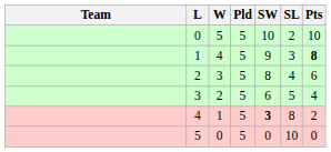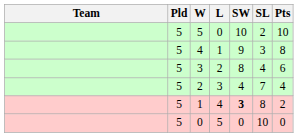 <table class=wikitable style="text-align:center">
 <tr>
 <th width=220>Team</th>
+<th width=20>Pld</th>
+<th width=20>W</th>
 <th width=20>L</th>
-<th width=20>W</th>
-<th width=20>Pld</th>
 <th width=20>SW</th>
 <th width=20>SL</th>
 <th width=20>Pts</th>
 </tr>
 <tr bgcolor=ccffcc>
 <td align=left></td>
-<td>0</td>
 <td>5</td>
 <td>5</td>
+<td>0</td>
 <td>10</td>
 <td>2</td>
 <td>10</td>
 </tr>
 <tr bgcolor=ccffcc>
 <td align=left></td>
+<td>5</td>
+<td>4</td>
 <td>1</td>
-<td>4</td>
-<td>5</td>
 <td>9</td>
 <td>3</td>
-<td><strong>8</strong></td>
+<td>8</td>
 </tr>
 <tr bgcolor=ccffcc>
 <td align=left></td>
+<td>5</td>
+<td>3</td>
 <td>2</td>
-<td>3</td>
-<td>5</td>
 <td>8</td>
 <td>4</td>
 <td>6</td>
 </tr>
 <tr bgcolor=ccffcc>
 <td align=left></td>
+<td>5</td>
+<td>2</td>
 <td>3</td>
-<td>2</td>
-<td>5</td>
-<td>6</td>
-<td>5</td>
+<td>4</td>
+<td>7</td>
 <td>4</td>
 </tr>
 <tr bgcolor=ffcccc>
 <td align=left></td>
+<td>5</td>
+<td>1</td>
 <td>4</td>
-<td>1</td>
-<td>5</td>
 <td><strong>3</strong></td>
 <td>8</td>
 <td>2</td>
 </tr>
 <tr bgcolor=ffcccc>
 <td align=left></td>
 <td>5</td>
 <td>0</td>
 <td>5</td>
 <td>0</td>
 <td>10</td>
 <td>0</td>
 </tr>
 </table>
